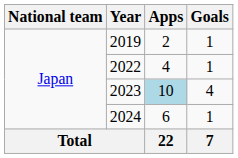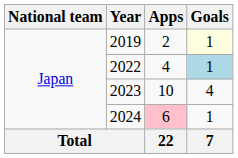 <table class="wikitable" style="text-align:center">
 <tr>
 <th>National team</th>
 <th>Year</th>
 <th>Apps</th>
 <th>Goals</th>
 </tr>
 <tr>
 <td rowspan="4"><a href='#'>Japan</a></td>
 <td>2019</td>
 <td>2</td>
-<td>1</td>
+<td style="background: lightyellow;">1</td>
 </tr>
 <tr>
 <td>2022</td>
 <td>4</td>
-<td>1</td>
+<td style="background: lightblue;">1</td>
 </tr>
 <tr>
 <td>2023</td>
-<td style="background: lightblue;">10</td>
+<td>10</td>
 <td>4</td>
 </tr>
 <tr>
 <td>2024</td>
-<td>6</td>
+<td style="background: pink;">6</td>
 <td>1</td>
 </tr>
 <tr>
 <th colspan="2">Total</th>
 <th>22</th>
 <th>7</th>
 </tr>
 </table>
